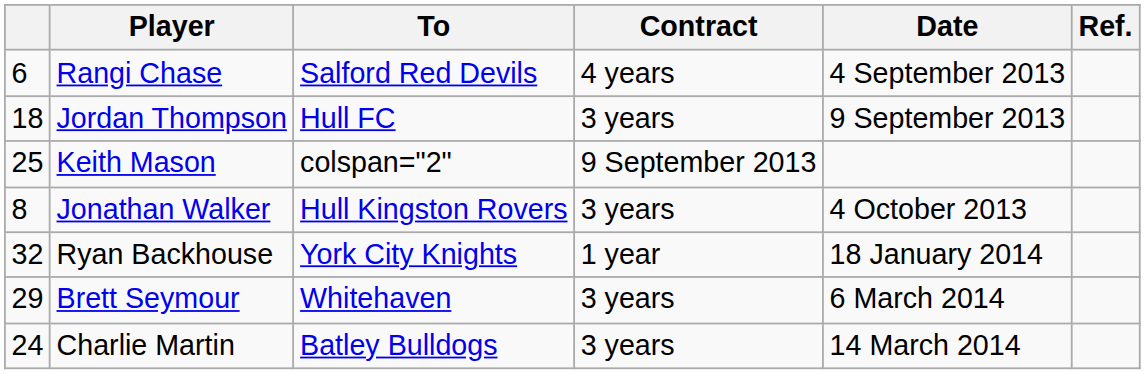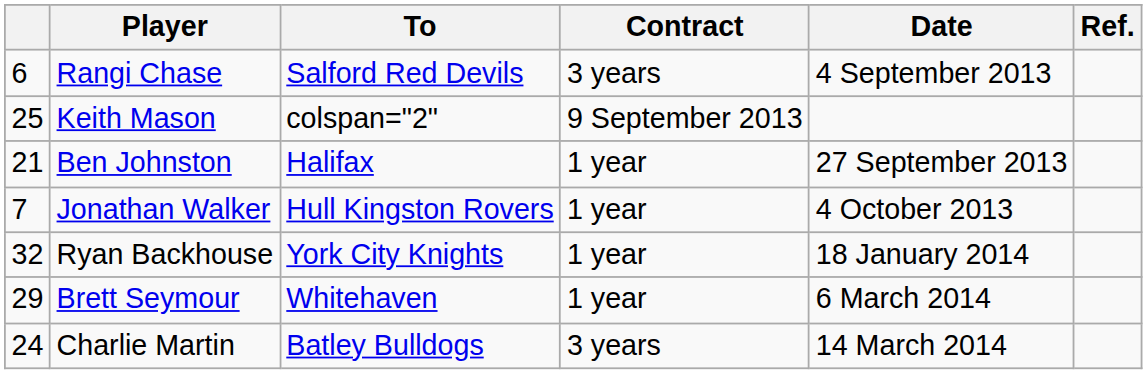 <table class="wikitable defaultleft col1center">
 <tr>
 <th></th>
 <th>Player</th>
 <th>To</th>
 <th>Contract</th>
 <th>Date</th>
 <th>Ref.</th>
 </tr>
 <tr>
 <td>6</td>
 <td> <a href='#'>Rangi Chase</a></td>
 <td> <a href='#'>Salford Red Devils</a></td>
-<td>4 years</td>
+<td>3 years</td>
 <td>4 September 2013</td>
-<td></td>
-</tr>
-<tr>
-<td>18</td>
-<td> <a href='#'>Jordan Thompson</a></td>
-<td> <a href='#'>Hull FC</a></td>
-<td>3 years</td>
-<td>9 September 2013</td>
 <td></td>
 </tr>
 <tr>
 <td>25</td>
 <td> <a href='#'>Keith Mason</a></td>
 <td>colspan="2" </td>
 <td>9 September 2013</td>
 <td></td>
 </tr>
 <tr>
-<td>8</td>
+<td>21</td>
+<td> <a href='#'>Ben Johnston</a></td>
+<td> <a href='#'>Halifax</a></td>
+<td>1 year</td>
+<td>27 September 2013</td>
+<td></td>
+</tr>
+<tr>
+<td>7</td>
 <td> <a href='#'>Jonathan Walker</a></td>
 <td> <a href='#'>Hull Kingston Rovers</a></td>
-<td>3 years</td>
+<td>1 year</td>
 <td>4 October 2013</td>
 <td></td>
 </tr>
 <tr>
 <td>32</td>
 <td> Ryan Backhouse</td>
 <td> <a href='#'>York City Knights</a></td>
 <td>1 year</td>
 <td>18 January 2014</td>
 <td></td>
 </tr>
 <tr>
 <td>29</td>
 <td> <a href='#'>Brett Seymour</a></td>
 <td> <a href='#'>Whitehaven</a></td>
-<td>3 years</td>
+<td>1 year</td>
 <td>6 March 2014</td>
 <td></td>
 </tr>
 <tr>
 <td>24</td>
 <td> Charlie Martin</td>
 <td> <a href='#'>Batley Bulldogs</a></td>
 <td>3 years</td>
 <td>14 March 2014</td>
 <td></td>
 </tr>
 </table>
